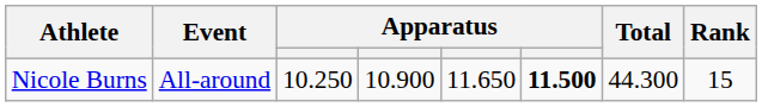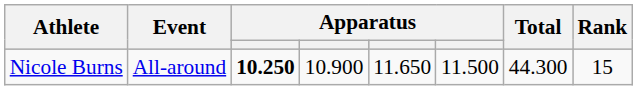 <table class="wikitable" style="font-size:90%">
 <tr>
 <th rowspan=2>Athlete</th>
 <th rowspan=2>Event</th>
 <th colspan=4>Apparatus</th>
 <th rowspan=2>Total</th>
 <th rowspan=2>Rank</th>
 </tr>
 <tr style="font-size:95%">
 <th></th>
 <th></th>
 <th></th>
 <th></th>
 </tr>
 <tr align=center>
 <td align=left><a href='#'>Nicole Burns</a></td>
 <td align=left><a href='#'>All-around</a></td>
-<td>10.250</td>
+<td><strong>10.250</strong></td>
 <td>10.900</td>
 <td>11.650</td>
-<td><strong>11.500</strong></td>
+<td>11.500</td>
 <td>44.300</td>
 <td>15</td>
 </tr>
 </table>
